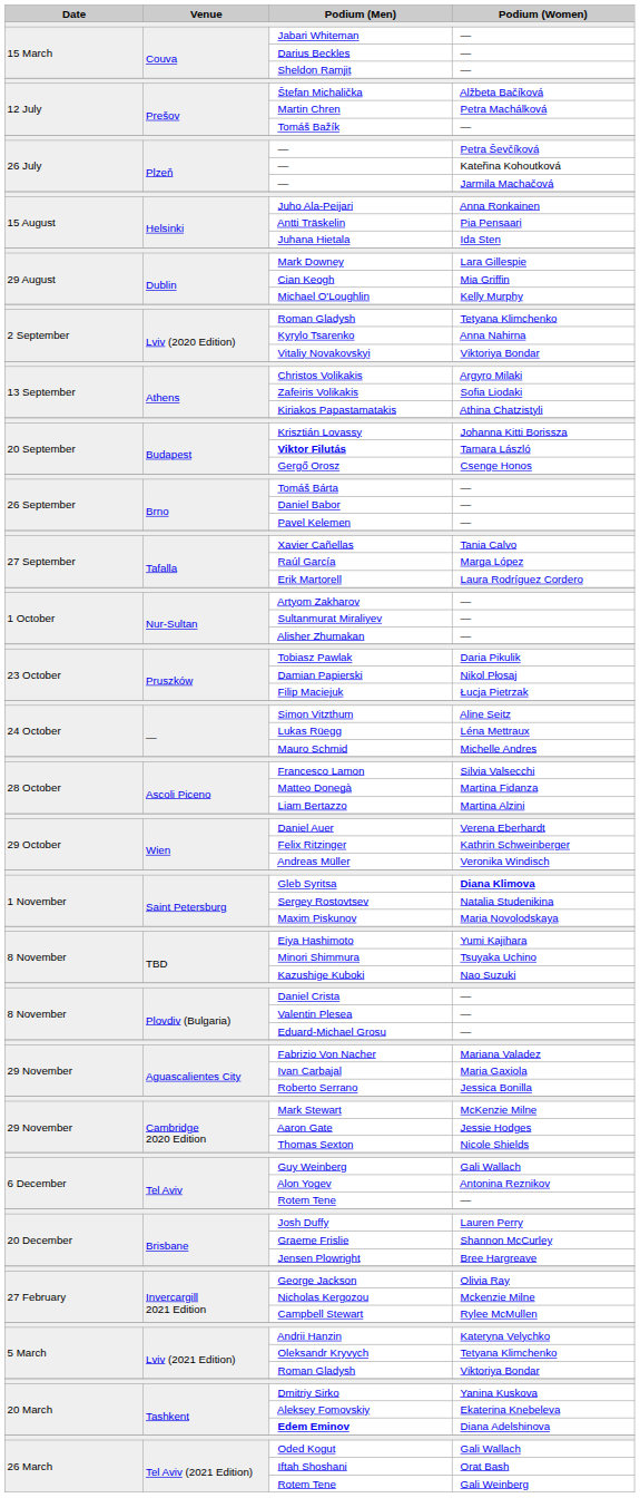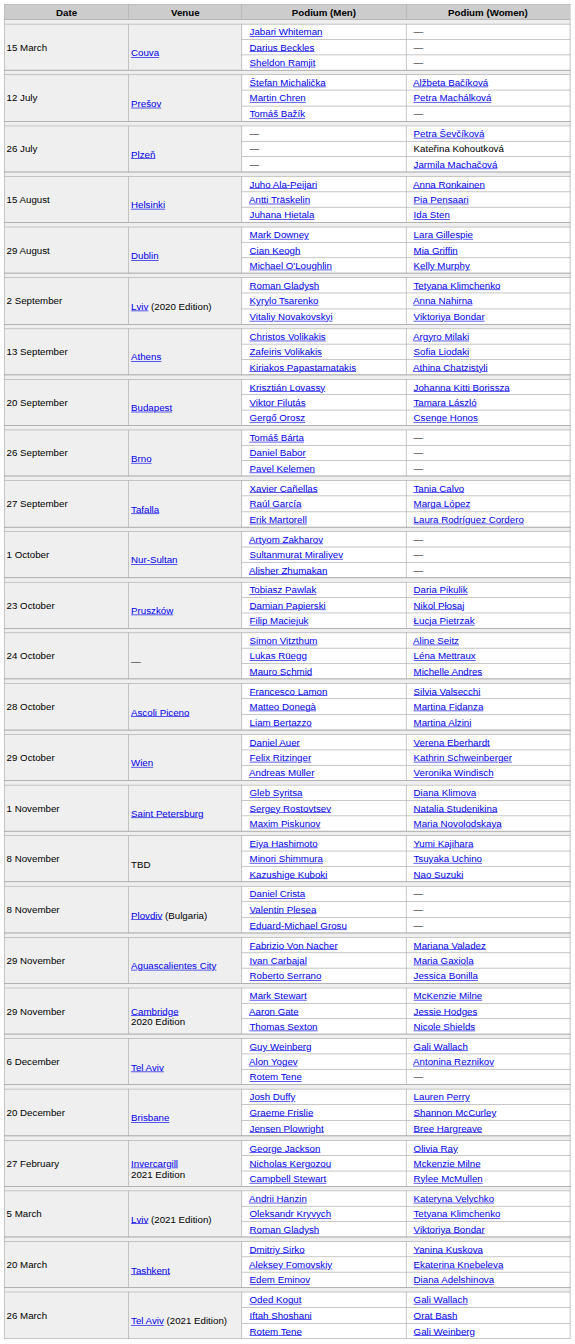 <table class="wikitable" width=70% bgcolor="#f7f8ff" cellpadding="3" cellspacing="0" border="1" style="font-size: 95%; border: gray solid 1px; border-collapse: collapse;">
 <tr bgcolor="#CCCCCC">
 <td align="center"><strong>Date</strong></td>
 <td width=20% align="center"><strong>Venue</strong></td>
 <td width=29% align="center"><strong>Podium (Men)</strong></td>
 <td width=29% align="center"><strong>Podium (Women)</strong></td>
 </tr>
 <tr bgcolor="#EFEFEF">
 <td colspan=4></td>
 </tr>
 <tr bgcolor="#EFEFEF">
 <td rowspan=3>15 March</td>
 <td rowspan=3><br><a href='#'>Couva</a></td>
 <td bgcolor="#ffffff">   <a href='#'>Jabari Whiteman</a></td>
 <td bgcolor="#ffffff">   —</td>
 </tr>
 <tr>
 <td bgcolor="#ffffff">   <a href='#'>Darius Beckles</a></td>
 <td bgcolor="#ffffff">   —</td>
 </tr>
 <tr>
 <td bgcolor="#ffffff">   <a href='#'>Sheldon Ramjit</a></td>
 <td bgcolor="#ffffff">   —</td>
 </tr>
 <tr>
 </tr>
 <tr bgcolor="#EFEFEF">
 <td colspan=4></td>
 </tr>
 <tr bgcolor="#EFEFEF">
 <td rowspan=3>12 July</td>
 <td rowspan=3><br><a href='#'>Prešov</a></td>
 <td bgcolor="#ffffff">   <a href='#'>Štefan Michalička</a></td>
 <td bgcolor="#ffffff">   <a href='#'>Alžbeta Bačíková</a></td>
 </tr>
 <tr>
 <td bgcolor="#ffffff">   <a href='#'>Martin Chren</a></td>
 <td bgcolor="#ffffff">   <a href='#'>Petra Machálková</a></td>
 </tr>
 <tr>
 <td bgcolor="#ffffff">   <a href='#'>Tomáš Bažík</a></td>
 <td bgcolor="#ffffff">   —</td>
 </tr>
 <tr>
 </tr>
 <tr bgcolor="#EFEFEF">
 <td colspan=4></td>
 </tr>
 <tr bgcolor="#EFEFEF">
 <td rowspan=3>26 July</td>
 <td rowspan=3><br><a href='#'>Plzeň</a></td>
 <td bgcolor="#ffffff">   —</td>
 <td bgcolor="#ffffff">   <a href='#'>Petra Ševčíková</a></td>
 </tr>
 <tr>
 <td bgcolor="#ffffff">   —</td>
 <td bgcolor="#ffffff">   Kateřina Kohoutková</td>
 </tr>
 <tr>
 <td bgcolor="#ffffff">   —</td>
 <td bgcolor="#ffffff">   <a href='#'>Jarmila Machačová</a></td>
 </tr>
 <tr>
 </tr>
 <tr bgcolor="#EFEFEF">
 <td colspan=4></td>
 </tr>
 <tr bgcolor="#EFEFEF">
 <td rowspan=3>15 August</td>
 <td rowspan=3><br><a href='#'>Helsinki</a></td>
 <td bgcolor="#ffffff">   <a href='#'>Juho Ala-Peijari</a></td>
 <td bgcolor="#ffffff">   <a href='#'>Anna Ronkainen</a></td>
 </tr>
 <tr>
 <td bgcolor="#ffffff">   <a href='#'>Antti Träskelin</a></td>
 <td bgcolor="#ffffff">   <a href='#'>Pia Pensaari</a></td>
 </tr>
 <tr>
 <td bgcolor="#ffffff">   <a href='#'>Juhana Hietala</a></td>
 <td bgcolor="#ffffff">   <a href='#'>Ida Sten</a></td>
 </tr>
 <tr>
 </tr>
 <tr bgcolor="#EFEFEF">
 <td colspan=4></td>
 </tr>
 <tr bgcolor="#EFEFEF">
 <td rowspan=3>29 August</td>
 <td rowspan=3><br><a href='#'>Dublin</a></td>
 <td bgcolor="#ffffff">   <a href='#'>Mark Downey</a></td>
 <td bgcolor="#ffffff">   <a href='#'>Lara Gillespie</a></td>
 </tr>
 <tr>
 <td bgcolor="#ffffff">   <a href='#'>Cian Keogh</a></td>
 <td bgcolor="#ffffff">   <a href='#'>Mia Griffin</a></td>
 </tr>
 <tr>
 <td bgcolor="#ffffff">   <a href='#'>Michael O'Loughlin</a></td>
 <td bgcolor="#ffffff">   <a href='#'>Kelly Murphy</a></td>
 </tr>
 <tr>
 </tr>
 <tr bgcolor="#EFEFEF">
 <td colspan=4></td>
 </tr>
 <tr bgcolor="#EFEFEF">
 <td rowspan=3>2 September</td>
 <td rowspan=3><br><a href='#'>Lviv</a> (2020 Edition)</td>
 <td bgcolor="#ffffff">   <a href='#'>Roman Gladysh</a></td>
 <td bgcolor="#ffffff">   <a href='#'>Tetyana Klimchenko</a></td>
 </tr>
 <tr>
 <td bgcolor="#ffffff">   <a href='#'>Kyrylo Tsarenko</a></td>
 <td bgcolor="#ffffff">   <a href='#'>Anna Nahirna</a></td>
 </tr>
 <tr>
 <td bgcolor="#ffffff">   <a href='#'>Vitaliy Novakovskyi</a></td>
 <td bgcolor="#ffffff">   <a href='#'>Viktoriya Bondar</a></td>
 </tr>
 <tr>
 </tr>
 <tr bgcolor="#EFEFEF">
 <td colspan=4></td>
 </tr>
 <tr bgcolor="#EFEFEF">
 <td rowspan=3>13 September</td>
 <td rowspan=3><br><a href='#'>Athens</a></td>
 <td bgcolor="#ffffff">   <a href='#'>Christos Volikakis</a></td>
 <td bgcolor="#ffffff">   <a href='#'>Argyro Milaki</a></td>
 </tr>
 <tr>
 <td bgcolor="#ffffff">   <a href='#'>Zafeiris Volikakis</a></td>
 <td bgcolor="#ffffff">   <a href='#'>Sofia Liodaki</a></td>
 </tr>
 <tr>
 <td bgcolor="#ffffff">   <a href='#'>Kiriakos Papastamatakis</a></td>
 <td bgcolor="#ffffff">   <a href='#'>Athina Chatzistyli</a></td>
 </tr>
 <tr>
 </tr>
 <tr bgcolor="#EFEFEF">
 <td colspan=4></td>
 </tr>
 <tr bgcolor="#EFEFEF">
 <td rowspan=3>20 September</td>
 <td rowspan=3><br><a href='#'>Budapest</a></td>
 <td bgcolor="#ffffff">   <a href='#'>Krisztián Lovassy</a></td>
 <td bgcolor="#ffffff">   <a href='#'>Johanna Kitti Borissza</a></td>
 </tr>
 <tr>
-<td bgcolor="#ffffff"><strong>   <a href='#'>Viktor Filutás</a></strong></td>
+<td bgcolor="#ffffff">   <a href='#'>Viktor Filutás</a></td>
 <td bgcolor="#ffffff">   <a href='#'>Tamara László</a></td>
 </tr>
 <tr>
 <td bgcolor="#ffffff">   <a href='#'>Gergő Orosz</a></td>
 <td bgcolor="#ffffff">   <a href='#'>Csenge Honos</a></td>
 </tr>
 <tr>
 </tr>
 <tr bgcolor="#EFEFEF">
 <td colspan=4></td>
 </tr>
 <tr bgcolor="#EFEFEF">
 <td rowspan=3>26 September</td>
 <td rowspan=3><br><a href='#'>Brno</a></td>
 <td bgcolor="#ffffff">   <a href='#'>Tomáš Bárta</a></td>
 <td bgcolor="#ffffff">   —</td>
 </tr>
 <tr>
 <td bgcolor="#ffffff">   <a href='#'>Daniel Babor</a></td>
 <td bgcolor="#ffffff">   —</td>
 </tr>
 <tr>
 <td bgcolor="#ffffff">   <a href='#'>Pavel Kelemen</a></td>
 <td bgcolor="#ffffff">   —</td>
 </tr>
 <tr>
 </tr>
 <tr bgcolor="#EFEFEF">
 <td colspan=4></td>
 </tr>
 <tr bgcolor="#EFEFEF">
 <td rowspan=3>27 September</td>
 <td rowspan=3><br><a href='#'>Tafalla</a></td>
 <td bgcolor="#ffffff">   <a href='#'>Xavier Cañellas</a></td>
 <td bgcolor="#ffffff">   <a href='#'>Tania Calvo</a></td>
 </tr>
 <tr>
 <td bgcolor="#ffffff">   <a href='#'>Raúl García</a></td>
 <td bgcolor="#ffffff">   <a href='#'>Marga López</a></td>
 </tr>
 <tr>
 <td bgcolor="#ffffff">   <a href='#'>Erik Martorell</a></td>
 <td bgcolor="#ffffff">   <a href='#'>Laura Rodríguez Cordero</a></td>
 </tr>
 <tr>
 </tr>
 <tr bgcolor="#EFEFEF">
 <td colspan=4></td>
 </tr>
 <tr bgcolor="#EFEFEF">
 <td rowspan=3>1 October</td>
 <td rowspan=3><br><a href='#'>Nur-Sultan</a></td>
 <td bgcolor="#ffffff">   <a href='#'>Artyom Zakharov</a></td>
 <td bgcolor="#ffffff">   —</td>
 </tr>
 <tr>
 <td bgcolor="#ffffff">   <a href='#'>Sultanmurat Miraliyev</a></td>
 <td bgcolor="#ffffff">   —</td>
 </tr>
 <tr>
 <td bgcolor="#ffffff">   <a href='#'>Alisher Zhumakan</a></td>
 <td bgcolor="#ffffff">   —</td>
 </tr>
 <tr>
 </tr>
 <tr bgcolor="#EFEFEF">
 <td colspan=4></td>
 </tr>
 <tr bgcolor="#EFEFEF">
 <td rowspan=3>23 October</td>
 <td rowspan=3><br><a href='#'>Pruszków</a></td>
 <td bgcolor="#ffffff">   <a href='#'>Tobiasz Pawlak</a></td>
 <td bgcolor="#ffffff">   <a href='#'>Daria Pikulik</a></td>
 </tr>
 <tr>
 <td bgcolor="#ffffff">   <a href='#'>Damian Papierski</a></td>
 <td bgcolor="#ffffff">   <a href='#'>Nikol Płosaj</a></td>
 </tr>
 <tr>
 <td bgcolor="#ffffff">   <a href='#'>Filip Maciejuk</a></td>
 <td bgcolor="#ffffff">   <a href='#'>Łucja Pietrzak</a></td>
 </tr>
 <tr>
 </tr>
 <tr bgcolor="#EFEFEF">
 <td colspan=4></td>
 </tr>
 <tr bgcolor="#EFEFEF">
 <td rowspan=3>24 October</td>
 <td rowspan=3><br>—</td>
 <td bgcolor="#ffffff">   <a href='#'>Simon Vitzthum</a></td>
 <td bgcolor="#ffffff">   <a href='#'>Aline Seitz</a></td>
 </tr>
 <tr>
 <td bgcolor="#ffffff">   <a href='#'>Lukas Rüegg</a></td>
 <td bgcolor="#ffffff">   <a href='#'>Léna Mettraux</a></td>
 </tr>
 <tr>
 <td bgcolor="#ffffff">   <a href='#'>Mauro Schmid</a></td>
 <td bgcolor="#ffffff">   <a href='#'>Michelle Andres</a></td>
 </tr>
 <tr>
 </tr>
 <tr bgcolor="#EFEFEF">
 <td colspan=4></td>
 </tr>
 <tr bgcolor="#EFEFEF">
 <td rowspan=3>28 October</td>
 <td rowspan=3><br><a href='#'>Ascoli Piceno</a></td>
 <td bgcolor="#ffffff">   <a href='#'>Francesco Lamon</a></td>
 <td bgcolor="#ffffff">   <a href='#'>Silvia Valsecchi</a></td>
 </tr>
 <tr>
 <td bgcolor="#ffffff">   <a href='#'>Matteo Donegà</a></td>
 <td bgcolor="#ffffff">   <a href='#'>Martina Fidanza</a></td>
 </tr>
 <tr>
 <td bgcolor="#ffffff">   <a href='#'>Liam Bertazzo</a></td>
 <td bgcolor="#ffffff">   <a href='#'>Martina Alzini</a></td>
 </tr>
 <tr>
 </tr>
 <tr bgcolor="#EFEFEF">
 <td colspan=4></td>
 </tr>
 <tr bgcolor="#EFEFEF">
 <td rowspan=3>29 October</td>
 <td rowspan=3><br><a href='#'>Wien</a></td>
 <td bgcolor="#ffffff">   <a href='#'>Daniel Auer</a></td>
 <td bgcolor="#ffffff">   <a href='#'>Verena Eberhardt</a></td>
 </tr>
 <tr>
 <td bgcolor="#ffffff">   <a href='#'>Felix Ritzinger</a></td>
 <td bgcolor="#ffffff">   <a href='#'>Kathrin Schweinberger</a></td>
 </tr>
 <tr>
 <td bgcolor="#ffffff">   <a href='#'>Andreas Müller</a></td>
 <td bgcolor="#ffffff">   <a href='#'>Veronika Windisch</a></td>
 </tr>
 <tr>
 </tr>
 <tr bgcolor="#EFEFEF">
 <td colspan=4></td>
 </tr>
 <tr bgcolor="#EFEFEF">
 <td rowspan=3>1 November</td>
 <td rowspan=3><br><a href='#'>Saint Petersburg</a></td>
 <td bgcolor="#ffffff">   <a href='#'>Gleb Syritsa</a></td>
-<td bgcolor="#ffffff"><strong>   <a href='#'>Diana Klimova</a></strong></td>
+<td bgcolor="#ffffff">   <a href='#'>Diana Klimova</a></td>
 </tr>
 <tr>
 <td bgcolor="#ffffff">   <a href='#'>Sergey Rostovtsev</a></td>
 <td bgcolor="#ffffff">   <a href='#'>Natalia Studenikina</a></td>
 </tr>
 <tr>
 <td bgcolor="#ffffff">   <a href='#'>Maxim Piskunov</a></td>
 <td bgcolor="#ffffff">   <a href='#'>Maria Novolodskaya</a></td>
 </tr>
 <tr>
 </tr>
 <tr bgcolor="#EFEFEF">
 <td colspan=4></td>
 </tr>
 <tr bgcolor="#EFEFEF">
 <td rowspan=3>8 November</td>
 <td rowspan=3><br>TBD</td>
 <td bgcolor="#ffffff">   <a href='#'>Eiya Hashimoto</a></td>
 <td bgcolor="#ffffff">   <a href='#'>Yumi Kajihara</a></td>
 </tr>
 <tr>
 <td bgcolor="#ffffff">   <a href='#'>Minori Shimmura</a></td>
 <td bgcolor="#ffffff">   <a href='#'>Tsuyaka Uchino</a></td>
 </tr>
 <tr>
 <td bgcolor="#ffffff">   <a href='#'>Kazushige Kuboki</a></td>
 <td bgcolor="#ffffff">   <a href='#'>Nao Suzuki</a></td>
 </tr>
 <tr>
 </tr>
 <tr bgcolor="#EFEFEF">
 <td colspan=4></td>
 </tr>
 <tr bgcolor="#EFEFEF">
 <td rowspan=3>8 November</td>
 <td rowspan=3><br><a href='#'>Plovdiv</a> (Bulgaria)</td>
 <td bgcolor="#ffffff">   <a href='#'>Daniel Crista</a></td>
 <td bgcolor="#ffffff">   —</td>
 </tr>
 <tr>
 <td bgcolor="#ffffff">   <a href='#'>Valentin Plesea</a></td>
 <td bgcolor="#ffffff">   —</td>
 </tr>
 <tr>
 <td bgcolor="#ffffff">   <a href='#'>Eduard-Michael Grosu</a></td>
 <td bgcolor="#ffffff">   —</td>
 </tr>
 <tr>
 </tr>
 <tr bgcolor="#EFEFEF">
 <td colspan=4></td>
 </tr>
 <tr bgcolor="#EFEFEF">
 <td rowspan=3>29 November</td>
 <td rowspan=3><br><a href='#'>Aguascalientes City</a></td>
 <td bgcolor="#ffffff">   <a href='#'>Fabrizio Von Nacher</a></td>
 <td bgcolor="#ffffff">   <a href='#'>Mariana Valadez</a></td>
 </tr>
 <tr>
 <td bgcolor="#ffffff">   <a href='#'>Ivan Carbajal</a></td>
 <td bgcolor="#ffffff">   <a href='#'>Maria Gaxiola</a></td>
 </tr>
 <tr>
 <td bgcolor="#ffffff">   <a href='#'>Roberto Serrano</a></td>
 <td bgcolor="#ffffff">   <a href='#'>Jessica Bonilla</a></td>
 </tr>
 <tr>
 </tr>
 <tr bgcolor="#EFEFEF">
 <td colspan=4></td>
 </tr>
 <tr bgcolor="#EFEFEF">
 <td rowspan=3>29 November</td>
 <td rowspan=3><br><a href='#'>Cambridge</a><br>2020 Edition</td>
 <td bgcolor="#ffffff">   <a href='#'>Mark Stewart</a></td>
 <td bgcolor="#ffffff">   <a href='#'>McKenzie Milne</a></td>
 </tr>
 <tr>
 <td bgcolor="#ffffff">   <a href='#'>Aaron Gate</a></td>
 <td bgcolor="#ffffff">   <a href='#'>Jessie Hodges</a></td>
 </tr>
 <tr>
 <td bgcolor="#ffffff">   <a href='#'>Thomas Sexton</a></td>
 <td bgcolor="#ffffff">   <a href='#'>Nicole Shields</a></td>
 </tr>
 <tr>
 </tr>
 <tr bgcolor="#EFEFEF">
 <td colspan=4></td>
 </tr>
 <tr bgcolor="#EFEFEF">
 <td rowspan=3>6 December</td>
 <td rowspan=3><br><a href='#'>Tel Aviv</a></td>
 <td bgcolor="#ffffff">   <a href='#'>Guy Weinberg</a></td>
 <td bgcolor="#ffffff">   <a href='#'>Gali Wallach</a></td>
 </tr>
 <tr>
 <td bgcolor="#ffffff">   <a href='#'>Alon Yogev</a></td>
 <td bgcolor="#ffffff">   <a href='#'>Antonina Reznikov</a></td>
 </tr>
 <tr>
 <td bgcolor="#ffffff">   <a href='#'>Rotem Tene</a></td>
 <td bgcolor="#ffffff">   —</td>
 </tr>
 <tr>
 </tr>
 <tr bgcolor="#EFEFEF">
 <td colspan=4></td>
 </tr>
 <tr bgcolor="#EFEFEF">
 <td rowspan=3>20 December</td>
 <td rowspan=3><br><a href='#'>Brisbane</a></td>
 <td bgcolor="#ffffff">   <a href='#'>Josh Duffy</a></td>
 <td bgcolor="#ffffff">   <a href='#'>Lauren Perry</a></td>
 </tr>
 <tr>
 <td bgcolor="#ffffff">   <a href='#'>Graeme Frislie</a></td>
 <td bgcolor="#ffffff">   <a href='#'>Shannon McCurley</a></td>
 </tr>
 <tr>
 <td bgcolor="#ffffff">   <a href='#'>Jensen Plowright</a></td>
 <td bgcolor="#ffffff">   <a href='#'>Bree Hargreave</a></td>
 </tr>
 <tr>
 </tr>
 <tr bgcolor="#EFEFEF">
 <td colspan=4></td>
 </tr>
 <tr bgcolor="#EFEFEF">
 <td rowspan=3>27 February</td>
 <td rowspan=3><br><a href='#'>Invercargill</a><br>2021 Edition</td>
 <td bgcolor="#ffffff">   <a href='#'>George Jackson</a></td>
 <td bgcolor="#ffffff">   <a href='#'>Olivia Ray</a></td>
 </tr>
 <tr>
 <td bgcolor="#ffffff">   <a href='#'>Nicholas Kergozou</a></td>
 <td bgcolor="#ffffff">   <a href='#'>Mckenzie Milne</a></td>
 </tr>
 <tr>
 <td bgcolor="#ffffff">   <a href='#'>Campbell Stewart</a></td>
 <td bgcolor="#ffffff">   <a href='#'>Rylee McMullen</a></td>
 </tr>
 <tr>
 </tr>
 <tr bgcolor="#EFEFEF">
 <td colspan=4></td>
 </tr>
 <tr bgcolor="#EFEFEF">
 <td rowspan=3>5 March</td>
 <td rowspan=3><br><a href='#'>Lviv</a> (2021 Edition)</td>
 <td bgcolor="#ffffff">   <a href='#'>Andrii Hanzin</a></td>
 <td bgcolor="#ffffff">   <a href='#'>Kateryna Velychko</a></td>
 </tr>
 <tr>
 <td bgcolor="#ffffff">   <a href='#'>Oleksandr Kryvych</a></td>
 <td bgcolor="#ffffff">   <a href='#'>Tetyana Klimchenko</a></td>
 </tr>
 <tr>
 <td bgcolor="#ffffff">   <a href='#'>Roman Gladysh</a></td>
 <td bgcolor="#ffffff">   <a href='#'>Viktoriya Bondar</a></td>
 </tr>
 <tr>
 </tr>
 <tr bgcolor="#EFEFEF">
 <td colspan=4></td>
 </tr>
 <tr bgcolor="#EFEFEF">
 <td rowspan=3>20 March</td>
 <td rowspan=3><br><a href='#'>Tashkent</a></td>
 <td bgcolor="#ffffff">   <a href='#'>Dmitriy Sirko</a></td>
 <td bgcolor="#ffffff">   <a href='#'>Yanina Kuskova</a></td>
 </tr>
 <tr>
 <td bgcolor="#ffffff">   <a href='#'>Aleksey Fomovskiy</a></td>
 <td bgcolor="#ffffff">   <a href='#'>Ekaterina Knebeleva</a></td>
 </tr>
 <tr>
-<td bgcolor="#ffffff"><strong>   <a href='#'>Edem Eminov</a></strong></td>
+<td bgcolor="#ffffff">   <a href='#'>Edem Eminov</a></td>
 <td bgcolor="#ffffff">   <a href='#'>Diana Adelshinova</a></td>
 </tr>
 <tr>
 </tr>
 <tr bgcolor="#EFEFEF">
 <td colspan=4></td>
 </tr>
 <tr bgcolor="#EFEFEF">
 <td rowspan=3>26 March</td>
 <td rowspan=3><br><a href='#'>Tel Aviv</a> (2021 Edition)</td>
 <td bgcolor="#ffffff">   <a href='#'>Oded Kogut</a></td>
 <td bgcolor="#ffffff">   <a href='#'>Gali Wallach</a></td>
 </tr>
 <tr>
 <td bgcolor="#ffffff">   <a href='#'>Iftah Shoshani</a></td>
 <td bgcolor="#ffffff">   <a href='#'>Orat Bash</a></td>
 </tr>
 <tr>
 <td bgcolor="#ffffff">   <a href='#'>Rotem Tene</a></td>
 <td bgcolor="#ffffff">   <a href='#'>Gali Weinberg</a></td>
 </tr>
 </table>
